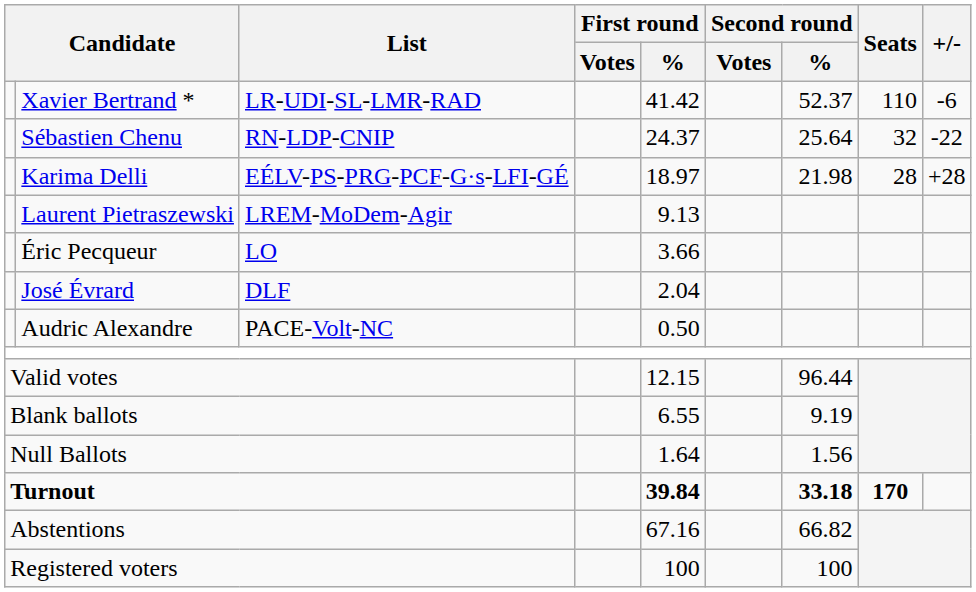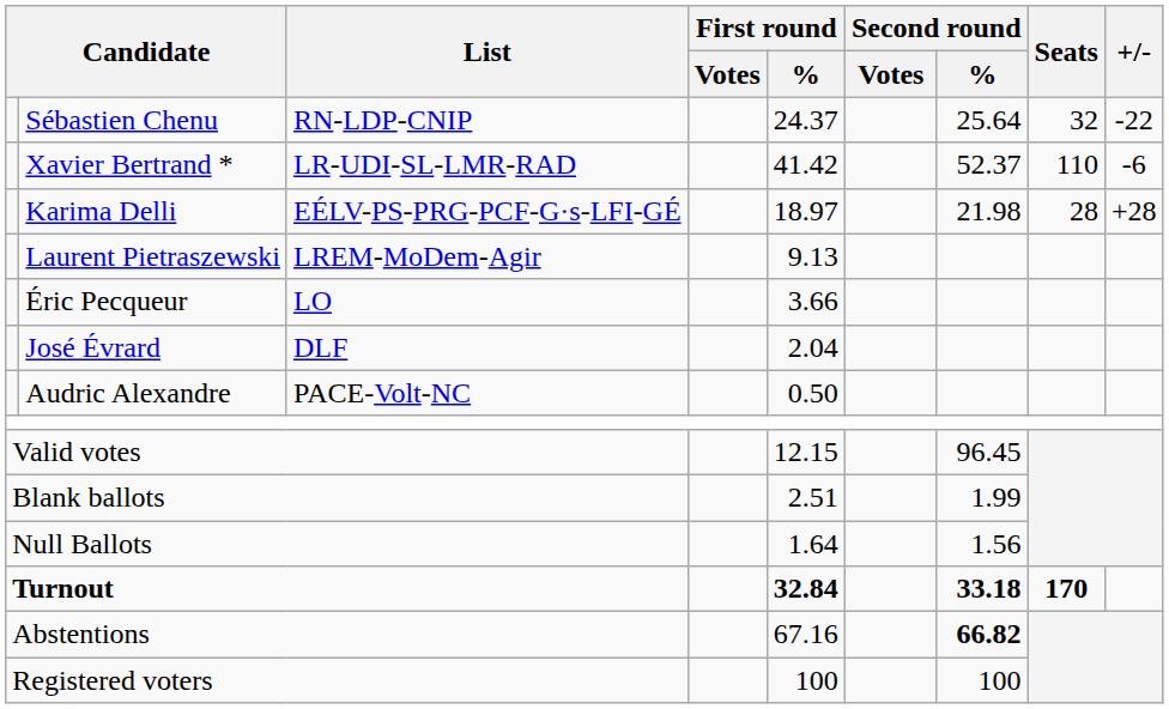 <table class="wikitable centre" style="text-align:right;">
 <tr>
 <th rowspan=2 colspan=2 scope=col>Candidate</th>
 <th rowspan=2 scope=col>List</th>
 <th colspan=2 scope=col>First round</th>
 <th colspan=2 scope=col>Second round</th>
 <th rowspan=2 scope=col>Seats</th>
 <th rowspan=2 scope=col>+/-</th>
 </tr>
 <tr>
 <th scope=col>Votes</th>
 <th scope=col>%</th>
 <th scope=col>Votes</th>
 <th scope=col>%</th>
 </tr>
 <tr>
 <td style="color:inherit;background:"></td>
+<td align="left"><a href='#'>Sébastien Chenu</a></td>
+<td align="left"><a href='#'>RN</a>-<a href='#'>LDP</a>-<a href='#'>CNIP</a></td>
+<td></td>
+<td>24.37</td>
+<td></td>
+<td>25.64</td>
+<td>32</td>
+<td align="center">-22</td>
+</tr>
+<tr>
+<td style="color:inherit;background:"></td>
 <td align="left"><a href='#'>Xavier Bertrand</a> *</td>
 <td align="left"><a href='#'>LR</a>-<a href='#'>UDI</a>-<a href='#'>SL</a>-<a href='#'>LMR</a>-<a href='#'>RAD</a></td>
 <td></td>
 <td>41.42</td>
 <td></td>
 <td>52.37</td>
 <td>110</td>
 <td align="center">-6</td>
-</tr>
-<tr>
-<td style="color:inherit;background:"></td>
-<td align="left"><a href='#'>Sébastien Chenu</a></td>
-<td align="left"><a href='#'>RN</a>-<a href='#'>LDP</a>-<a href='#'>CNIP</a></td>
-<td></td>
-<td>24.37</td>
-<td></td>
-<td>25.64</td>
-<td>32</td>
-<td align="center">-22</td>
 </tr>
 <tr>
 <td style="color:inherit;background:"></td>
 <td align="left"><a href='#'>Karima Delli</a></td>
 <td align="left"><a href='#'>EÉLV</a>-<a href='#'>PS</a>-<a href='#'>PRG</a>-<a href='#'>PCF</a>-<a href='#'>G·s</a>-<a href='#'>LFI</a>-<a href='#'>GÉ</a></td>
 <td></td>
 <td>18.97</td>
 <td></td>
 <td>21.98</td>
 <td>28</td>
 <td align="center">+28</td>
 </tr>
 <tr>
 <td style="color:inherit;background:"></td>
 <td align="left"><a href='#'>Laurent Pietraszewski</a></td>
 <td align="left"><a href='#'>LREM</a>-<a href='#'>MoDem</a>-<a href='#'>Agir</a></td>
 <td></td>
 <td>9.13</td>
 <td></td>
 <td></td>
 <td></td>
 <td align="center"></td>
 </tr>
 <tr>
 <td style="color:inherit;background:"></td>
 <td align="left">Éric Pecqueur</td>
 <td align="left"><a href='#'>LO</a></td>
 <td></td>
 <td>3.66</td>
 <td></td>
 <td></td>
 <td></td>
 <td align="center"></td>
 </tr>
 <tr>
 <td style="color:inherit;background:"></td>
 <td align="left"><a href='#'>José Évrard</a></td>
 <td align="left"><a href='#'>DLF</a></td>
 <td></td>
 <td>2.04</td>
 <td></td>
 <td></td>
 <td></td>
 <td align="center"></td>
 </tr>
 <tr>
 <td style="color:inherit;background:"></td>
 <td align="left">Audric Alexandre</td>
 <td align="left">PACE-<a href='#'>Volt</a>-<a href='#'>NC</a></td>
 <td></td>
 <td>0.50</td>
 <td></td>
 <td></td>
 <td></td>
 <td align="center"></td>
 </tr>
 <tr style="background:white;">
 <td colspan=9></td>
 </tr>
 <tr>
 <td colspan=3 style="text-align:left;">Valid votes</td>
 <td></td>
 <td>12.15</td>
 <td></td>
-<td>96.44</td>
+<td>96.45</td>
 <td colspan="2" rowspan="3" bgcolor=#F4F4F4></td>
 </tr>
 <tr>
 <td colspan=3 style="text-align:left;">Blank ballots</td>
 <td></td>
-<td>6.55</td>
+<td>2.51</td>
 <td></td>
-<td>9.19</td>
+<td>1.99</td>
 </tr>
 <tr>
 <td colspan=3 style="text-align:left;">Null Ballots</td>
 <td></td>
 <td>1.64</td>
 <td></td>
 <td>1.56</td>
 </tr>
 <tr style="font-weight:bold;">
 <td colspan=3 style="text-align:left;">Turnout</td>
 <td></td>
-<td>39.84</td>
+<td>32.84</td>
 <td></td>
 <td>33.18</td>
 <td align=center>170</td>
 <td align=center></td>
 </tr>
 <tr>
 <td colspan=3 style="text-align:left;">Abstentions</td>
 <td></td>
 <td>67.16</td>
 <td></td>
-<td>66.82</td>
+<td><strong>66.82</strong></td>
 <td colspan="2" rowspan="2" bgcolor=#F4F4F4></td>
 </tr>
 <tr>
 <td colspan=3 style="text-align:left;">Registered voters</td>
 <td></td>
 <td>100</td>
 <td></td>
 <td>100</td>
 </tr>
 </table>
